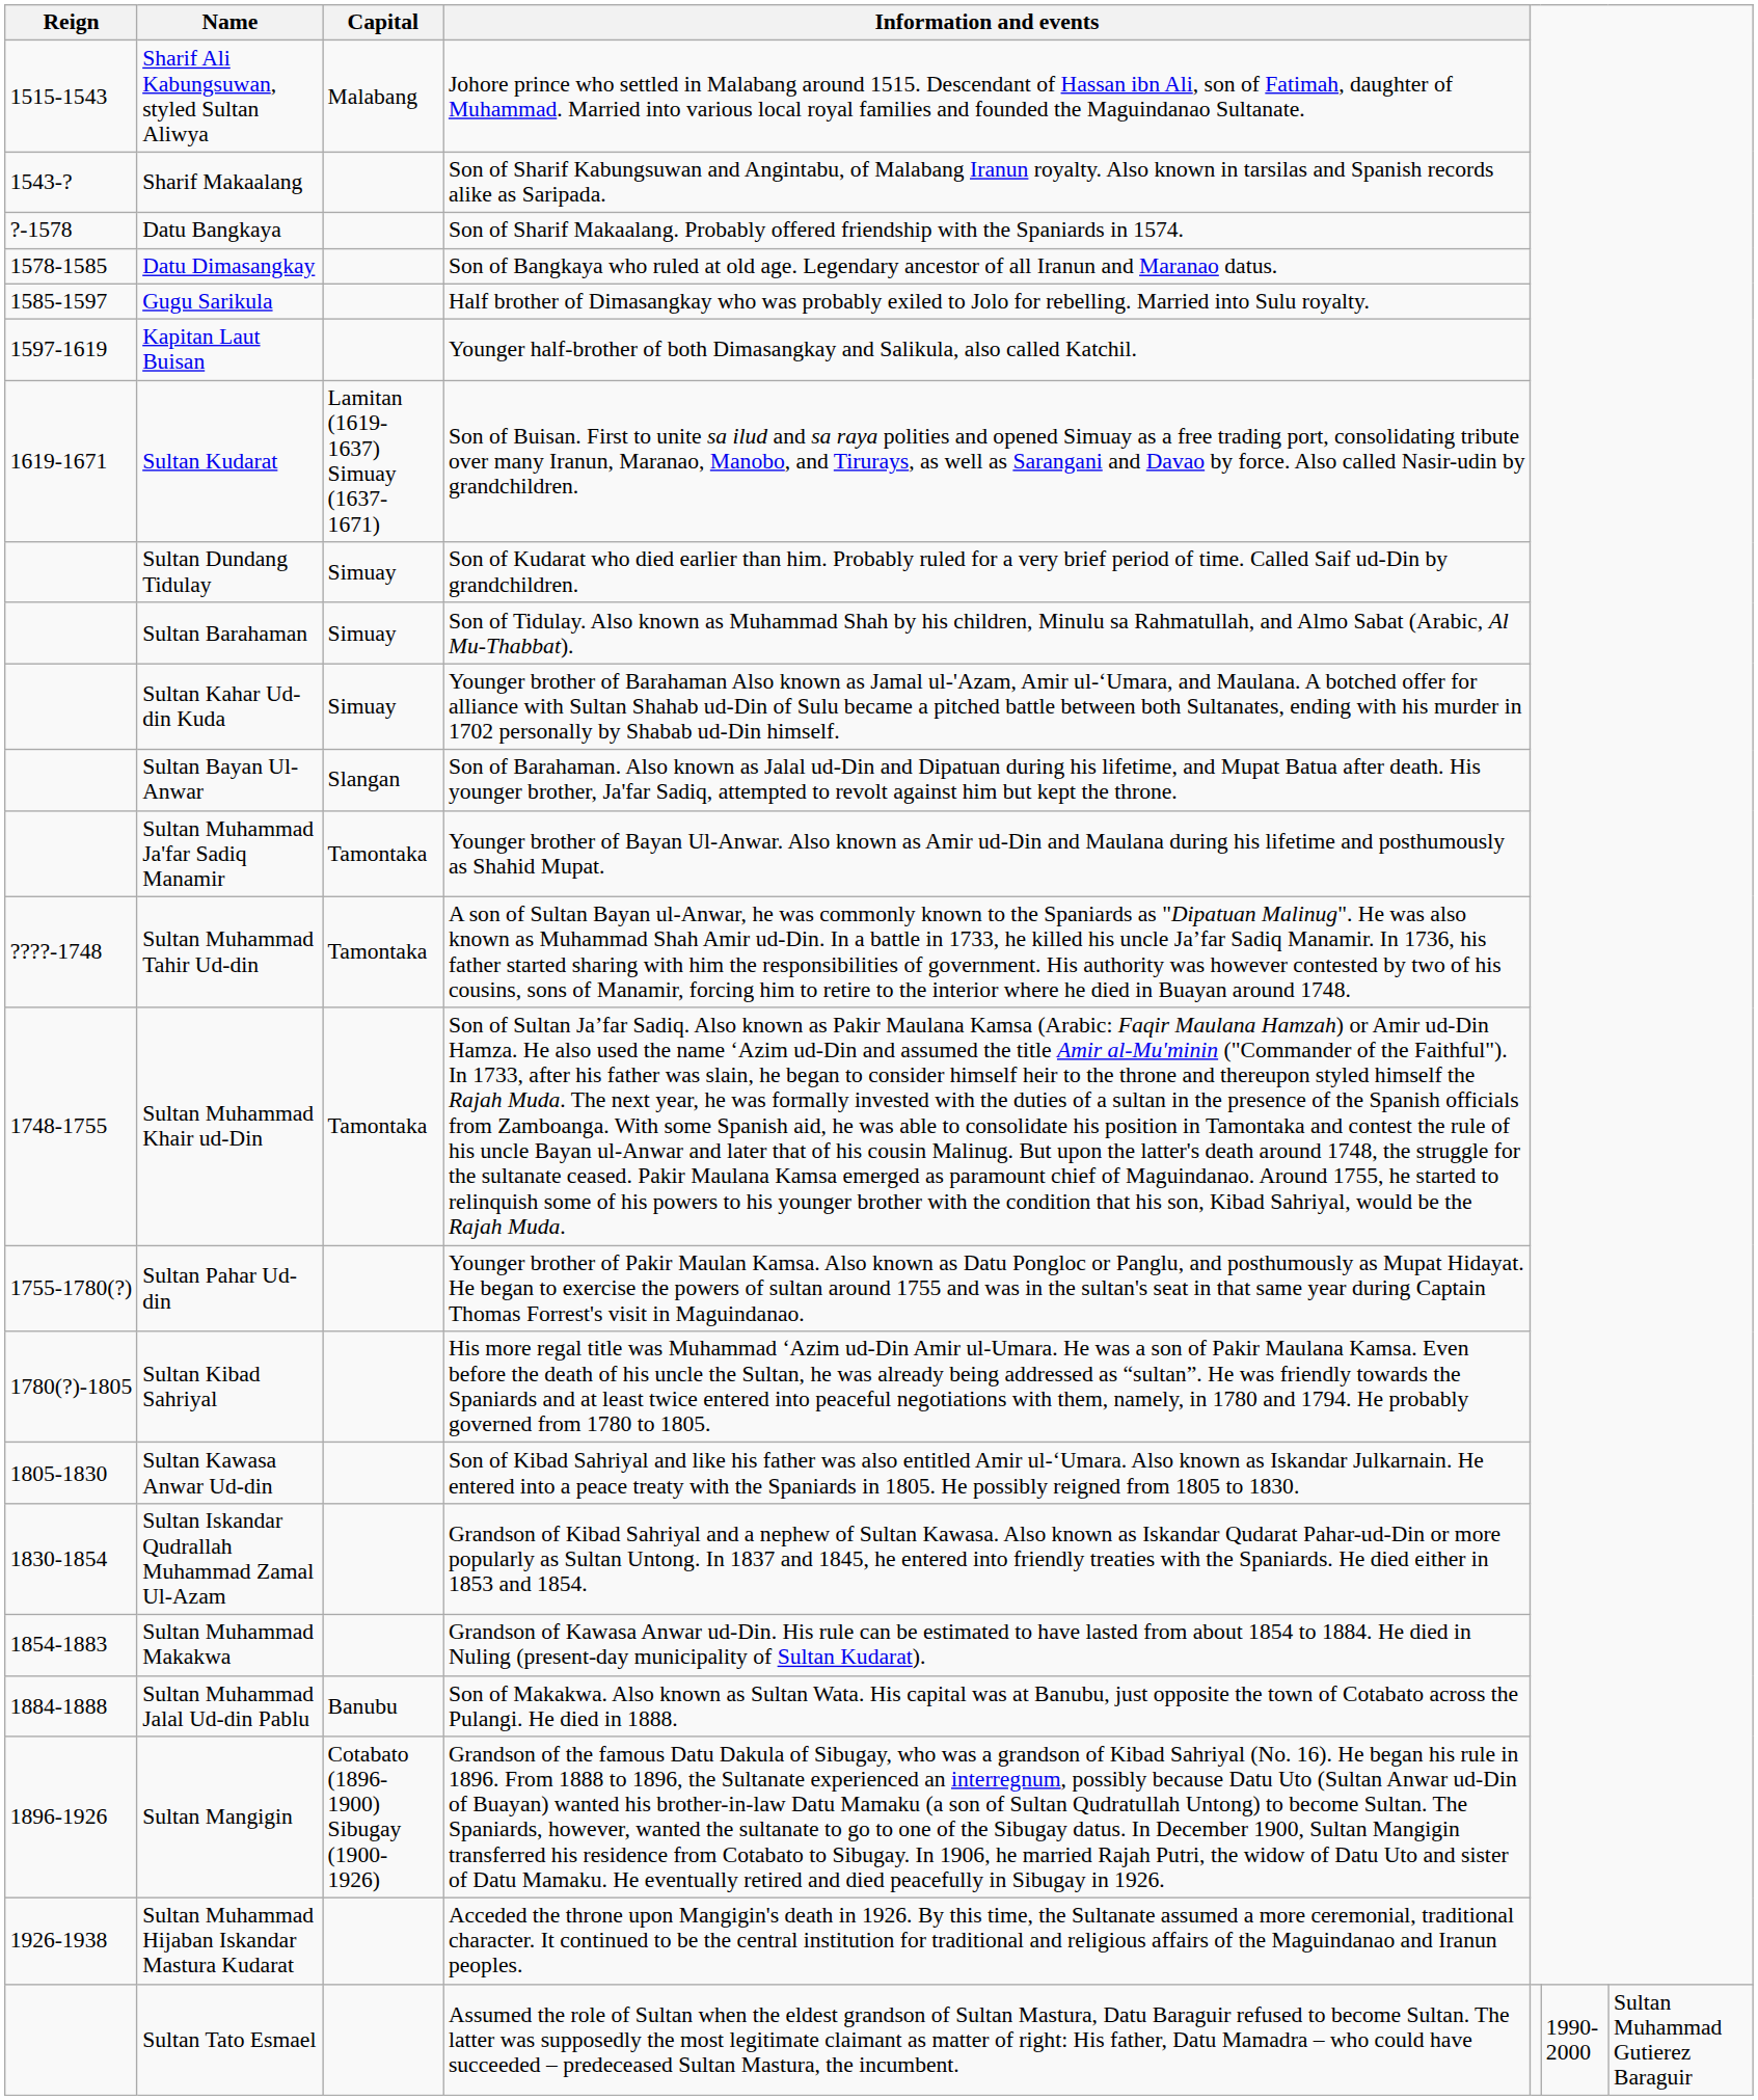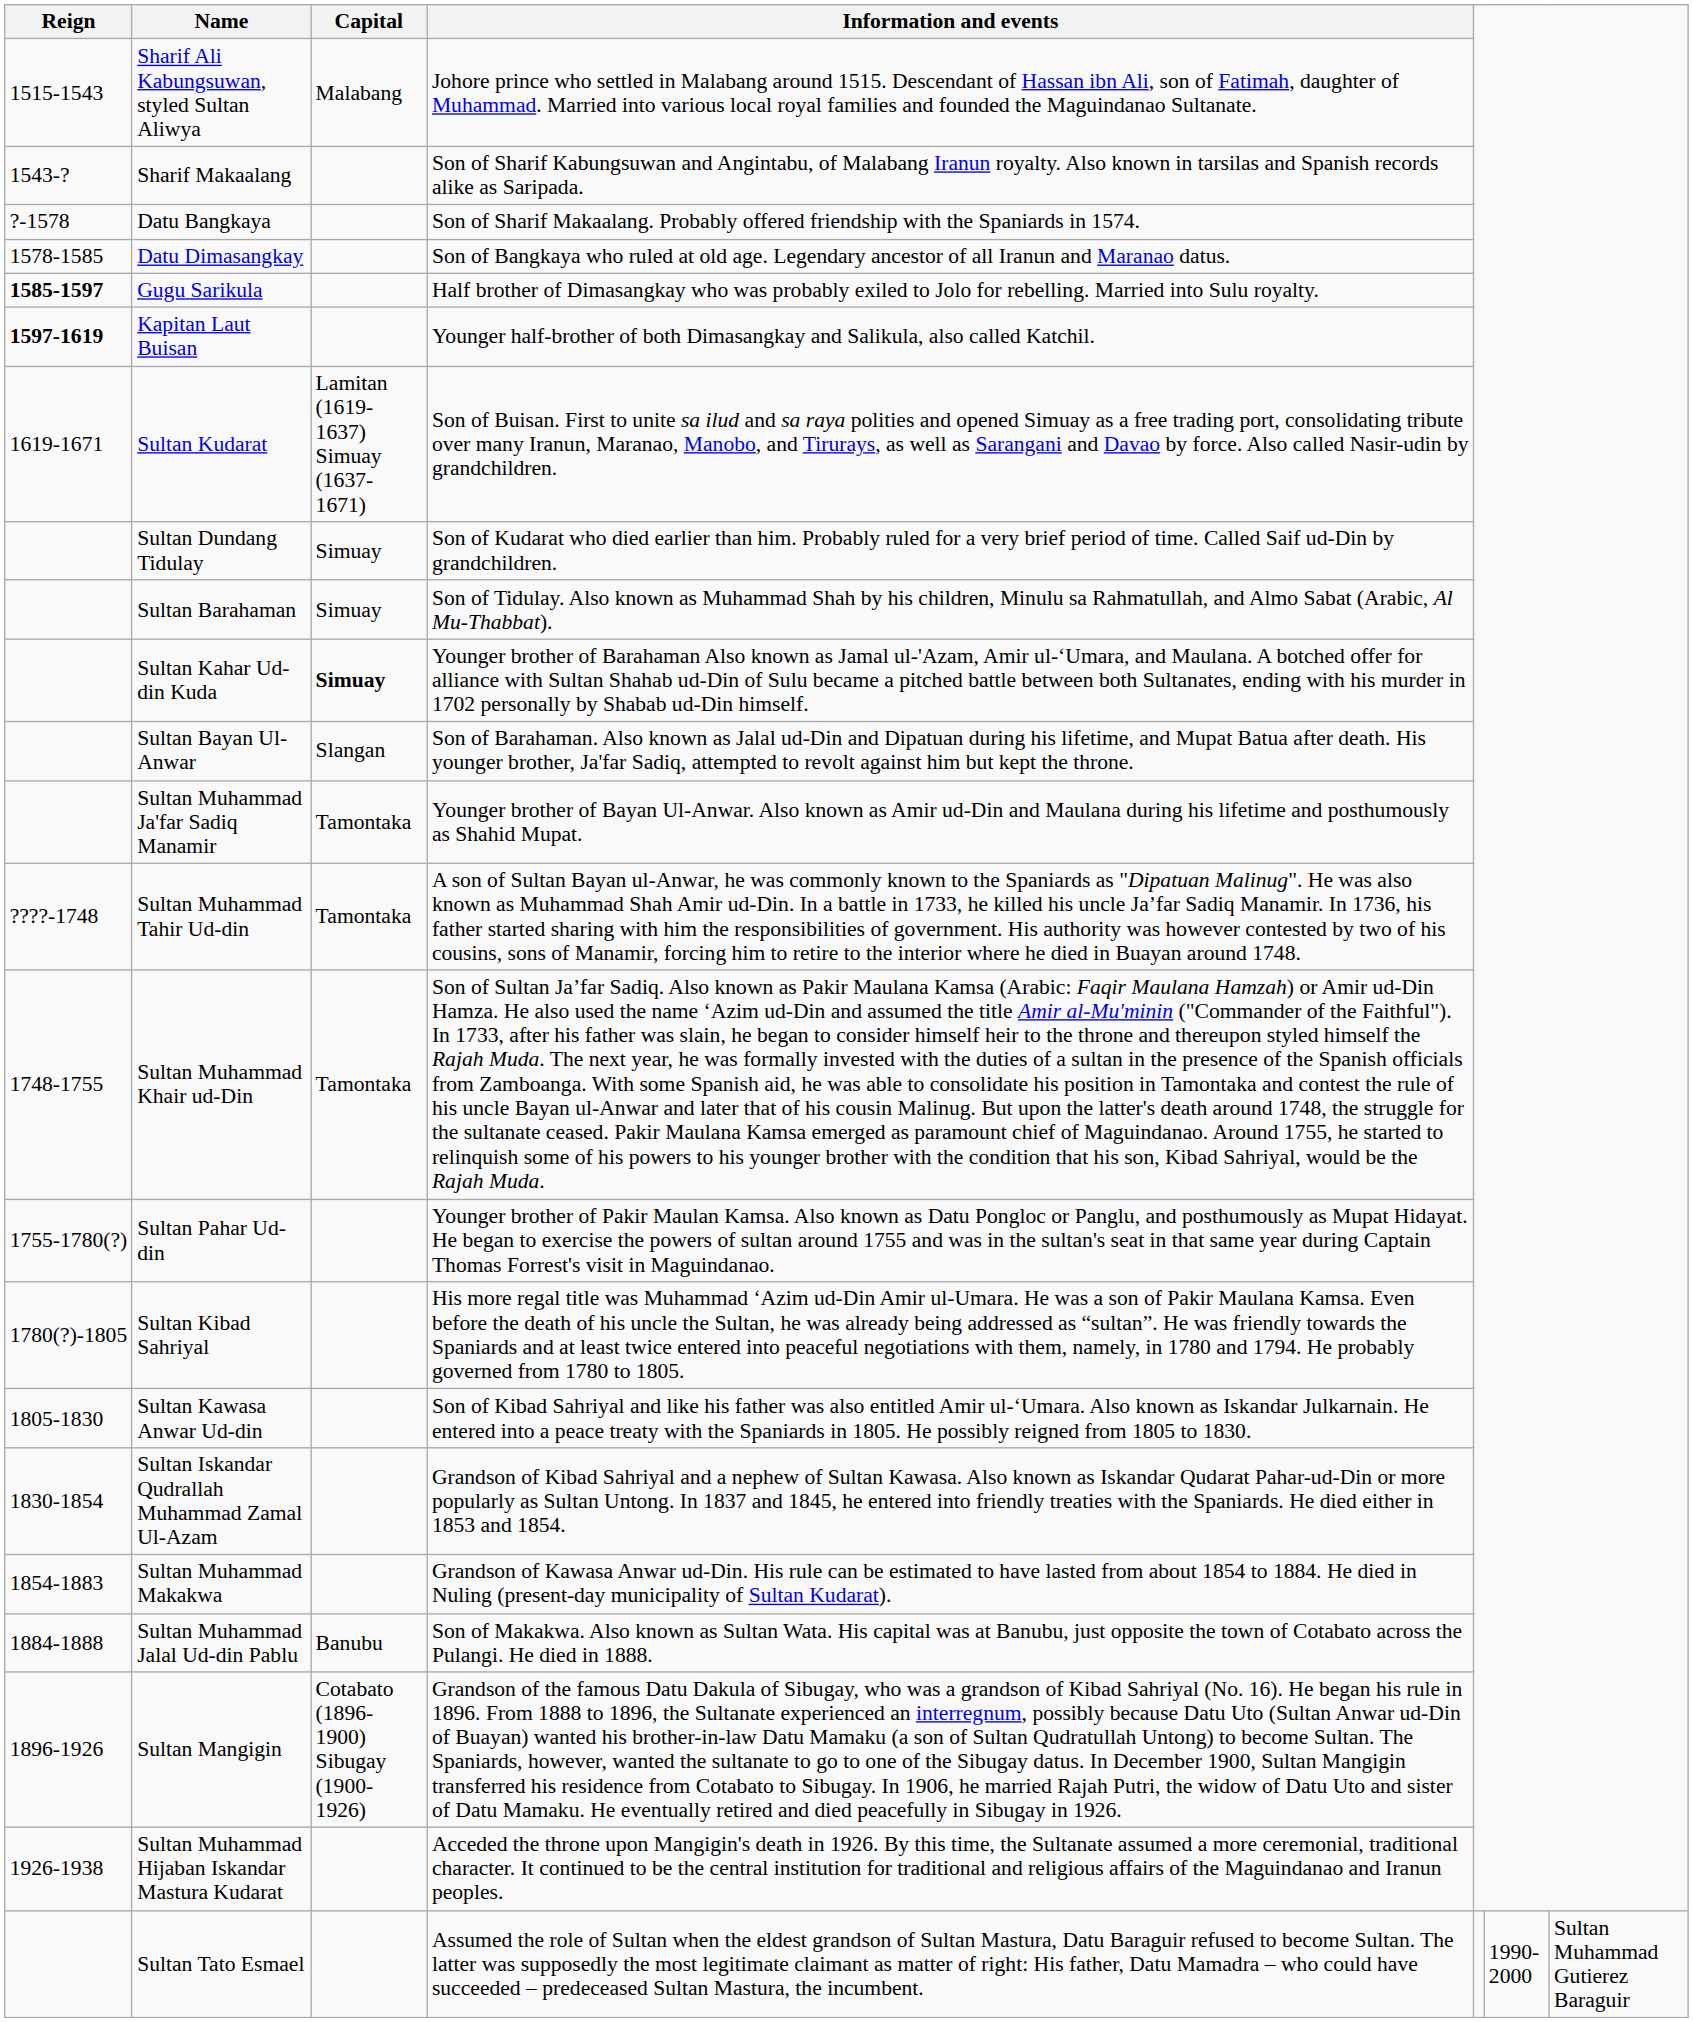 <table class="wikitable">
 <tr>
 <th>Reign</th>
 <th>Name</th>
 <th>Capital</th>
 <th>Information and events</th>
 </tr>
 <tr>
 <td>1515-1543</td>
 <td><a href='#'>Sharif Ali Kabungsuwan</a>, styled Sultan Aliwya</td>
 <td>Malabang</td>
 <td>Johore prince who settled in Malabang around 1515. Descendant of <a href='#'>Hassan ibn Ali</a>, son of <a href='#'>Fatimah</a>, daughter of <a href='#'>Muhammad</a>. Married into various local royal families and founded the Maguindanao Sultanate.</td>
 </tr>
 <tr>
 <td>1543-?</td>
 <td>Sharif Makaalang</td>
 <td></td>
 <td>Son of Sharif Kabungsuwan and Angintabu, of Malabang <a href='#'>Iranun</a> royalty. Also known in tarsilas and Spanish records alike as Saripada.</td>
 </tr>
 <tr>
 <td>?-1578</td>
 <td>Datu Bangkaya</td>
 <td></td>
 <td>Son of Sharif Makaalang. Probably offered friendship with the Spaniards in 1574.</td>
 </tr>
 <tr>
 <td>1578-1585</td>
 <td><a href='#'>Datu Dimasangkay</a></td>
 <td></td>
 <td>Son of Bangkaya who ruled at old age. Legendary ancestor of all Iranun and <a href='#'>Maranao</a> datus.</td>
 </tr>
 <tr>
-<td>1585-1597</td>
+<td><strong>1585-1597</strong></td>
 <td><a href='#'>Gugu Sarikula</a></td>
 <td></td>
 <td>Half brother of Dimasangkay who was probably exiled to Jolo for rebelling. Married into Sulu royalty.</td>
 </tr>
 <tr>
-<td>1597-1619</td>
+<td><strong>1597-1619</strong></td>
 <td><a href='#'>Kapitan Laut Buisan</a></td>
 <td></td>
 <td>Younger half-brother of both Dimasangkay and Salikula, also called Katchil.</td>
 </tr>
 <tr>
 <td>1619-1671</td>
 <td><a href='#'>Sultan Kudarat</a></td>
 <td>Lamitan (1619-1637)<br>Simuay (1637-1671)</td>
 <td>Son of Buisan. First to unite <em>sa ilud</em> and <em>sa raya</em> polities and opened Simuay as a free trading port, consolidating tribute over many Iranun, Maranao, <a href='#'>Manobo</a>, and <a href='#'>Tirurays</a>, as well as <a href='#'>Sarangani</a> and <a href='#'>Davao</a> by force. Also called Nasir-udin by grandchildren.</td>
 </tr>
 <tr>
 <td></td>
 <td>Sultan Dundang Tidulay</td>
 <td>Simuay</td>
 <td>Son of Kudarat who died earlier than him. Probably ruled for a very brief period of time. Called Saif ud-Din by grandchildren.</td>
 </tr>
 <tr>
 <td></td>
 <td>Sultan Barahaman</td>
 <td>Simuay</td>
 <td>Son of Tidulay. Also known as Muhammad Shah by his children, Minulu sa Rahmatullah, and Almo Sabat (Arabic, <em>Al Mu-Thabbat</em>).</td>
 </tr>
 <tr>
 <td></td>
 <td>Sultan Kahar Ud-din Kuda</td>
-<td>Simuay</td>
+<td><strong>Simuay</strong></td>
 <td>Younger brother of Barahaman Also known as Jamal ul-'Azam, Amir ul-‘Umara, and Maulana. A botched offer for alliance with Sultan Shahab ud-Din of Sulu became a pitched battle between both Sultanates, ending with his murder in 1702 personally by Shabab ud-Din himself.</td>
 </tr>
 <tr>
 <td></td>
 <td>Sultan Bayan Ul-Anwar</td>
 <td>Slangan</td>
 <td>Son of Barahaman. Also known as Jalal ud-Din and Dipatuan during his lifetime, and Mupat Batua after death. His younger brother, Ja'far Sadiq, attempted to revolt against him but kept the throne.</td>
 </tr>
 <tr>
 <td></td>
 <td>Sultan Muhammad Ja'far Sadiq Manamir</td>
 <td>Tamontaka</td>
 <td>Younger brother of Bayan Ul-Anwar. Also known as Amir ud-Din and Maulana during his lifetime and posthumously as Shahid Mupat.</td>
 </tr>
 <tr>
 <td>????-1748</td>
 <td>Sultan Muhammad Tahir Ud-din</td>
 <td>Tamontaka</td>
 <td>A son of Sultan Bayan ul-Anwar, he was commonly known to the Spaniards as "<em>Dipatuan Malinug</em>". He was also known as Muhammad Shah Amir ud-Din. In a battle in 1733, he killed his uncle Ja’far Sadiq Manamir. In 1736, his father started sharing with him the responsibilities of government. His authority was however contested by two of his cousins, sons of Manamir, forcing him to retire to the interior where he died in Buayan around 1748.</td>
 </tr>
 <tr>
 <td>1748-1755</td>
 <td>Sultan Muhammad Khair ud-Din</td>
 <td>Tamontaka</td>
 <td>Son of Sultan Ja’far Sadiq. Also known as Pakir Maulana Kamsa (Arabic: <em>Faqir Maulana Hamzah</em>) or Amir ud-Din Hamza. He also used the name ‘Azim ud-Din and assumed the title <em><a href='#'>Amir al-Mu'minin</a></em> ("Commander of the Faithful"). In 1733, after his father was slain, he began to consider himself heir to the throne and thereupon styled himself the <em>Rajah Muda</em>. The next year, he was formally invested with the duties of a sultan in the presence of the Spanish officials from Zamboanga. With some Spanish aid, he was able to consolidate his position in Tamontaka and contest the rule of his uncle Bayan ul-Anwar and later that of his cousin Malinug. But upon the latter's death around 1748, the struggle for the sultanate ceased. Pakir Maulana Kamsa emerged as paramount chief of Maguindanao. Around 1755, he started to relinquish some of his powers to his younger brother with the condition that his son, Kibad Sahriyal, would be the <em>Rajah Muda</em>.</td>
 </tr>
 <tr>
 <td>1755-1780(?)</td>
 <td>Sultan Pahar Ud-din</td>
 <td></td>
 <td>Younger brother of Pakir Maulan Kamsa. Also known as Datu Pongloc or Panglu, and posthumously as Mupat Hidayat. He began to exercise the powers of sultan around 1755 and was in the sultan's seat in that same year during Captain Thomas Forrest's visit in Maguindanao.</td>
 </tr>
 <tr>
 <td>1780(?)-1805</td>
 <td>Sultan Kibad Sahriyal</td>
 <td></td>
 <td>His more regal title was Muhammad ‘Azim ud-Din Amir ul-Umara. He was a son of Pakir Maulana Kamsa. Even before the death of his uncle the Sultan, he was already being addressed as “sultan”. He was friendly towards the Spaniards and at least twice entered into peaceful negotiations with them, namely, in 1780 and 1794. He probably governed from 1780 to 1805.</td>
 </tr>
 <tr>
 <td>1805-1830</td>
 <td>Sultan Kawasa Anwar Ud-din</td>
 <td></td>
 <td>Son of Kibad Sahriyal and like his father was also entitled Amir ul-‘Umara. Also known as Iskandar Julkarnain. He entered into a peace treaty with the Spaniards in 1805. He possibly reigned from 1805 to 1830.</td>
 </tr>
 <tr>
 <td>1830-1854</td>
 <td>Sultan Iskandar Qudrallah Muhammad Zamal Ul-Azam</td>
 <td></td>
 <td>Grandson of Kibad Sahriyal and a nephew of Sultan Kawasa. Also known as Iskandar Qudarat Pahar-ud-Din or more popularly as Sultan Untong. In 1837 and 1845, he entered into friendly treaties with the Spaniards. He died either in 1853 and 1854.</td>
 </tr>
 <tr>
 <td>1854-1883</td>
 <td>Sultan Muhammad Makakwa</td>
 <td></td>
 <td>Grandson of Kawasa Anwar ud-Din. His rule can be estimated to have lasted from about 1854 to 1884. He died in Nuling (present-day municipality of <a href='#'>Sultan Kudarat</a>).</td>
 </tr>
 <tr>
 <td>1884-1888</td>
 <td>Sultan Muhammad Jalal Ud-din Pablu</td>
 <td>Banubu</td>
 <td>Son of Makakwa. Also known as Sultan Wata. His capital was at Banubu, just opposite the town of Cotabato across the Pulangi. He died in 1888.</td>
 </tr>
 <tr>
 <td>1896-1926</td>
 <td>Sultan Mangigin</td>
 <td>Cotabato (1896-1900)<br>Sibugay (1900-1926)</td>
 <td>Grandson of the famous Datu Dakula of Sibugay, who was a grandson of Kibad Sahriyal (No. 16). He began his rule in 1896. From 1888 to 1896, the Sultanate experienced an <a href='#'>interregnum</a>, possibly because Datu Uto (Sultan Anwar ud-Din of Buayan) wanted his brother-in-law Datu Mamaku (a son of Sultan Qudratullah Untong) to become Sultan. The Spaniards, however, wanted the sultanate to go to one of the Sibugay datus. In December 1900, Sultan Mangigin transferred his residence from Cotabato to Sibugay. In 1906, he married Rajah Putri, the widow of Datu Uto and sister of Datu Mamaku. He eventually retired and died peacefully in Sibugay in 1926.</td>
 </tr>
 <tr>
 <td>1926-1938</td>
 <td>Sultan Muhammad Hijaban Iskandar Mastura Kudarat</td>
 <td></td>
 <td>Acceded the throne upon Mangigin's death in 1926. By this time, the Sultanate assumed a more ceremonial, traditional character. It continued to be the central institution for traditional and religious affairs of the Maguindanao and Iranun peoples.</td>
 </tr>
 <tr>
 <td></td>
 <td>Sultan Tato Esmael</td>
 <td></td>
 <td>Assumed the role of Sultan when the eldest grandson of Sultan Mastura, Datu Baraguir refused to become Sultan. The latter was supposedly the most legitimate claimant as matter of right: His father, Datu Mamadra – who could have succeeded – predeceased Sultan Mastura, the incumbent.</td>
 <td></td>
 <td>1990-2000</td>
 <td>Sultan Muhammad Gutierez Baraguir</td>
 </tr>
 </table>
